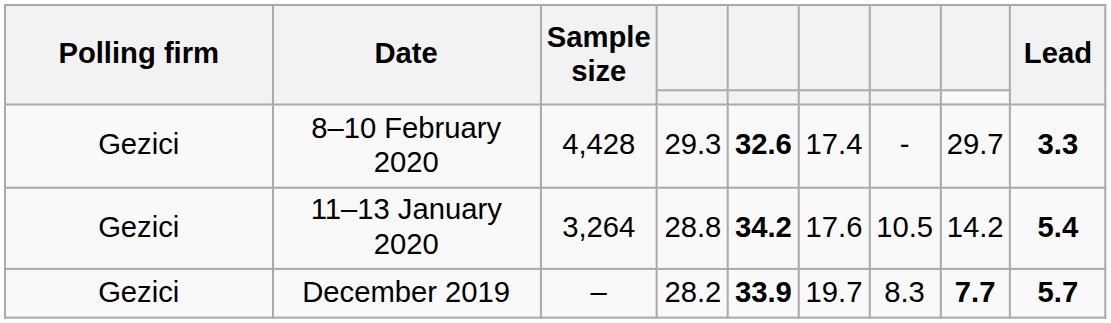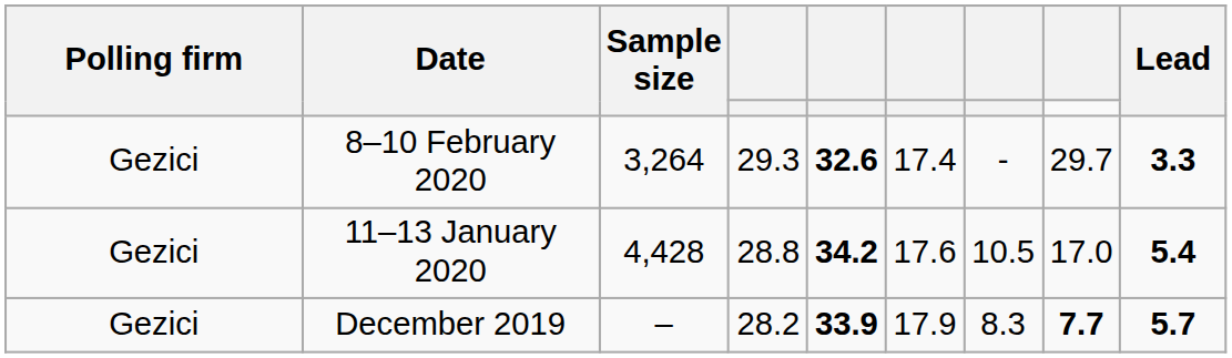 <table class="wikitable sortable" style="text-align:center; font-size:90%; line-height:17px;">
 <tr style="height:42px;">
 <th style="width:125px;" rowspan="2">Polling firm</th>
 <th style="width:125px;" rowspan="2">Date</th>
 <th style="width:50px;" rowspan="2">Sample size</th>
 <th class="unsortable"></th>
 <th class="unsortable"></th>
 <th class="unsortable"></th>
 <th class="unsortable"></th>
 <th class="unsortable"></th>
 <th class="unsortable" style="width:40px;" rowspan="2">Lead</th>
 </tr>
 <tr>
 <th style="color:inherit;background:"></th>
 <th style="color:inherit;background:"></th>
 <th style="color:inherit;background:"></th>
 <th style="color:inherit;background:"></th>
 </tr>
 <tr>
 <td>Gezici</td>
 <td>8–10 February 2020</td>
-<td>4,428</td>
+<td>3,264</td>
 <td>29.3</td>
 <td style="background:"><strong>32.6</strong></td>
 <td>17.4</td>
 <td>-</td>
 <td>29.7</td>
 <td style="background:"><strong>3.3</strong></td>
 </tr>
 <tr>
 <td>Gezici</td>
 <td>11–13 January 2020</td>
-<td>3,264</td>
+<td>4,428</td>
 <td>28.8</td>
 <td style="background:"><strong>34.2</strong></td>
 <td>17.6</td>
 <td>10.5</td>
-<td>14.2</td>
+<td>17.0</td>
 <td style="background:"><strong>5.4</strong></td>
 </tr>
 <tr>
 <td>Gezici</td>
 <td>December 2019</td>
 <td>–</td>
 <td>28.2</td>
 <td style="background:"><strong>33.9</strong></td>
-<td>19.7</td>
+<td>17.9</td>
 <td>8.3</td>
 <td><strong>7.7</strong></td>
 <td style="background:"><strong>5.7</strong></td>
 </tr>
 </table>
